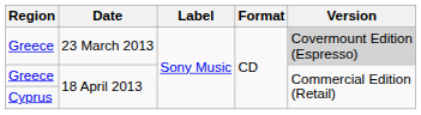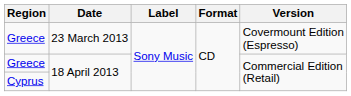 <table class=wikitable>
 <tr>
 <th>Region</th>
 <th>Date</th>
 <th>Label</th>
 <th>Format</th>
 <th>Version</th>
 </tr>
 <tr>
 <td><a href='#'>Greece</a></td>
 <td rowspan="1">23 March 2013</td>
 <td rowspan="3"><a href='#'>Sony Music</a></td>
 <td rowspan="3">CD</td>
-<td rowspan="1" style="background: lightgrey;">Covermount Edition<br> (Espresso)</td>
+<td rowspan="1">Covermount Edition<br> (Espresso)</td>
 </tr>
 <tr>
 <td><a href='#'>Greece</a></td>
 <td rowspan="2">18 April 2013</td>
 <td rowspan="2">Commercial Edition<br> (Retail)</td>
 </tr>
 <tr>
 <td><a href='#'>Cyprus</a></td>
 </tr>
 </table>
